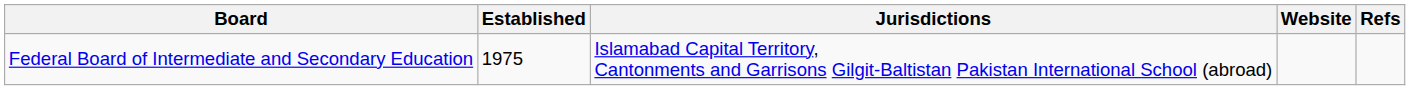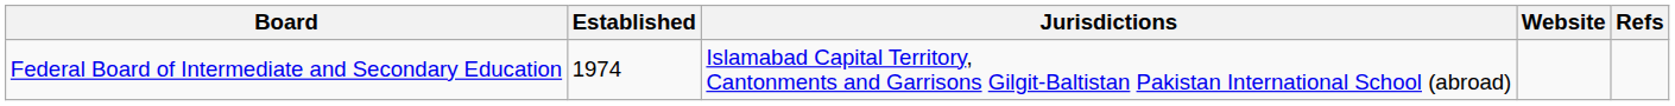 <table class="wikitable">
 <tr>
 <th>Board</th>
 <th>Established</th>
 <th>Jurisdictions</th>
 <th>Website</th>
 <th>Refs</th>
 </tr>
 <tr>
 <td><a href='#'>Federal Board of Intermediate and Secondary Education</a></td>
-<td>1975</td>
+<td>1974</td>
 <td><a href='#'>Islamabad Capital Territory</a>,<br><a href='#'>Cantonments and Garrisons</a> <a href='#'>Gilgit-Baltistan</a> <a href='#'>Pakistan International School</a> (abroad)</td>
 <td></td>
 <td></td>
 </tr>
 </table>
